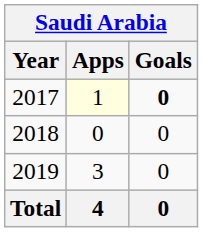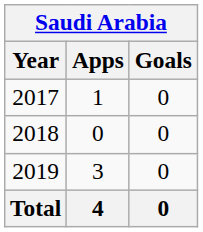 <table class="wikitable" style="text-align:center">
 <tr>
 <th colspan=3><a href='#'>Saudi Arabia</a></th>
 </tr>
 <tr>
 <th>Year</th>
 <th>Apps</th>
 <th>Goals</th>
 </tr>
 <tr>
 <td>2017</td>
-<td style="background: lightyellow;">1</td>
-<td><strong>0</strong></td>
+<td>1</td>
+<td>0</td>
 </tr>
 <tr>
 <td>2018</td>
 <td>0</td>
 <td>0</td>
 </tr>
 <tr>
 <td>2019</td>
 <td>3</td>
 <td>0</td>
 </tr>
 <tr>
 <th>Total</th>
 <th>4</th>
 <th>0</th>
 </tr>
 </table>
